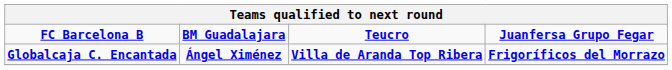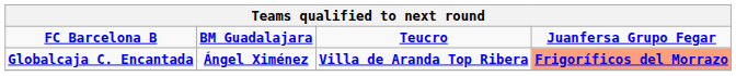 <table class="wikitable" style="text-align: center; margin: 0 auto;">
 <tr>
 <th colspan="4">Teams qualified to next round</th>
 </tr>
 <tr>
 <td><strong><a href='#'>FC Barcelona B</a></strong></td>
 <td><strong><a href='#'>BM Guadalajara</a></strong></td>
 <td><strong><a href='#'>Teucro</a></strong></td>
 <td><strong><a href='#'>Juanfersa Grupo Fegar</a></strong></td>
 </tr>
 <tr>
 <td><strong><a href='#'>Globalcaja C. Encantada</a></strong></td>
 <td><strong><a href='#'>Ángel Ximénez</a></strong></td>
 <td><strong><a href='#'>Villa de Aranda Top Ribera</a></strong></td>
-<td><strong><a href='#'>Frigoríficos del Morrazo</a></strong></td>
+<td style="background: lightsalmon;"><strong><a href='#'>Frigoríficos del Morrazo</a></strong></td>
 </tr>
 <tr>
 </tr>
 </table>
